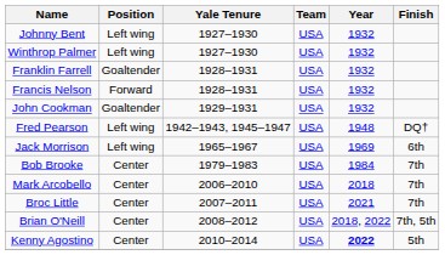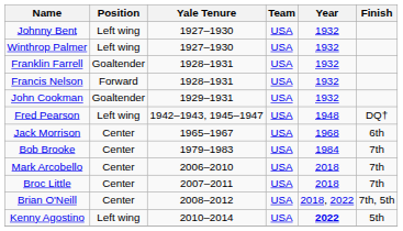 <table class = "wikitable">
 <tr>
 <th>Name</th>
 <th>Position</th>
 <th>Yale Tenure</th>
 <th>Team</th>
 <th>Year</th>
 <th>Finish</th>
 </tr>
 <tr align="center">
 <td><a href='#'>Johnny Bent</a></td>
 <td>Left wing</td>
 <td>1927–1930</td>
 <td> <a href='#'>USA</a></td>
 <td><a href='#'>1932</a></td>
 <td></td>
 </tr>
 <tr align="center">
 <td><a href='#'>Winthrop Palmer</a></td>
 <td>Left wing</td>
 <td>1927–1930</td>
 <td> <a href='#'>USA</a></td>
 <td><a href='#'>1932</a></td>
 <td></td>
 </tr>
 <tr align="center">
 <td><a href='#'>Franklin Farrell</a></td>
 <td>Goaltender</td>
 <td>1928–1931</td>
 <td> <a href='#'>USA</a></td>
 <td><a href='#'>1932</a></td>
 <td></td>
 </tr>
 <tr align="center">
 <td><a href='#'>Francis Nelson</a></td>
 <td>Forward</td>
 <td>1928–1931</td>
 <td> <a href='#'>USA</a></td>
 <td><a href='#'>1932</a></td>
 <td></td>
 </tr>
 <tr align="center">
 <td><a href='#'>John Cookman</a></td>
 <td>Goaltender</td>
 <td>1929–1931</td>
 <td> <a href='#'>USA</a></td>
 <td><a href='#'>1932</a></td>
 <td></td>
 </tr>
 <tr align="center">
 <td><a href='#'>Fred Pearson</a></td>
 <td>Left wing</td>
 <td>1942–1943, 1945–1947</td>
 <td> <a href='#'>USA</a></td>
 <td><a href='#'>1948</a></td>
 <td>DQ†</td>
 </tr>
 <tr align="center">
 <td><a href='#'>Jack Morrison</a></td>
-<td>Left wing</td>
+<td>Center</td>
 <td>1965–1967</td>
 <td> <a href='#'>USA</a></td>
-<td><a href='#'>1969</a></td>
+<td><a href='#'>1968</a></td>
 <td>6th</td>
 </tr>
 <tr align="center">
 <td><a href='#'>Bob Brooke</a></td>
 <td>Center</td>
 <td>1979–1983</td>
 <td> <a href='#'>USA</a></td>
 <td><a href='#'>1984</a></td>
 <td>7th</td>
 </tr>
 <tr align="center">
 <td><a href='#'>Mark Arcobello</a></td>
 <td>Center</td>
 <td>2006–2010</td>
 <td> <a href='#'>USA</a></td>
 <td><a href='#'>2018</a></td>
 <td>7th</td>
 </tr>
 <tr align="center">
 <td><a href='#'>Broc Little</a></td>
 <td>Center</td>
 <td>2007–2011</td>
 <td> <a href='#'>USA</a></td>
-<td><a href='#'>2021</a></td>
+<td><a href='#'>2018</a></td>
 <td>7th</td>
 </tr>
 <tr align="center">
 <td><a href='#'>Brian O'Neill</a></td>
 <td>Center</td>
 <td>2008–2012</td>
 <td> <a href='#'>USA</a></td>
 <td><a href='#'>2018</a>, <a href='#'>2022</a></td>
 <td>7th, 5th</td>
 </tr>
 <tr align="center">
 <td><a href='#'>Kenny Agostino</a></td>
-<td>Center</td>
+<td>Left wing</td>
 <td>2010–2014</td>
 <td> <a href='#'>USA</a></td>
 <td><strong><a href='#'>2022</a></strong></td>
 <td>5th</td>
 </tr>
 <tr align="center">
 </tr>
 </table>
